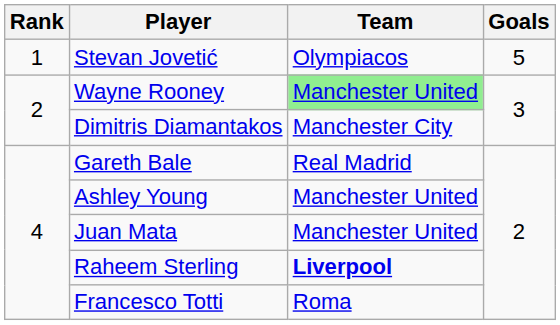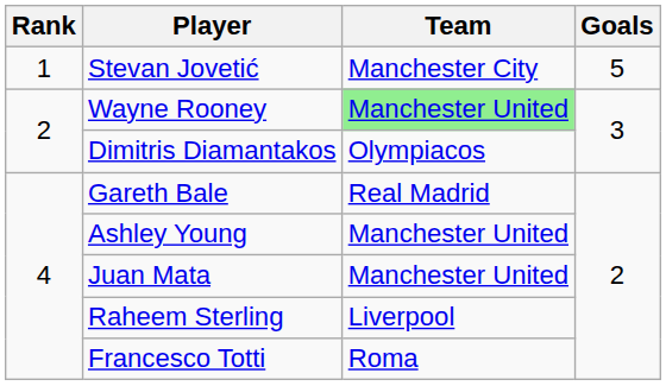 <table class="wikitable" style="text-align: center;">
 <tr>
 <th>Rank</th>
 <th>Player</th>
 <th>Team</th>
 <th>Goals</th>
 </tr>
 <tr>
 <td>1</td>
 <td align="left"> <a href='#'>Stevan Jovetić</a></td>
-<td align="left"> <a href='#'>Olympiacos</a></td>
+<td align="left"> <a href='#'>Manchester City</a></td>
 <td align="center">5</td>
 </tr>
 <tr>
 <td rowspan="2">2</td>
 <td align="left"> <a href='#'>Wayne Rooney</a></td>
 <td align="left" style="background: lightgreen;"> <a href='#'>Manchester United</a></td>
 <td rowspan="2" align="center">3</td>
 </tr>
 <tr>
 <td align="left"> <a href='#'>Dimitris Diamantakos</a></td>
-<td align="left"> <a href='#'>Manchester City</a></td>
+<td align="left"> <a href='#'>Olympiacos</a></td>
 </tr>
 <tr>
 <td rowspan="5">4</td>
 <td align="left"> <a href='#'>Gareth Bale</a></td>
 <td align="left"> <a href='#'>Real Madrid</a></td>
 <td rowspan="5" align="center">2</td>
 </tr>
 <tr>
 <td align="left"> <a href='#'>Ashley Young</a></td>
 <td align="left"> <a href='#'>Manchester United</a></td>
 </tr>
 <tr>
 <td align="left"> <a href='#'>Juan Mata</a></td>
 <td align="left"> <a href='#'>Manchester United</a></td>
 </tr>
 <tr>
 <td align="left"> <a href='#'>Raheem Sterling</a></td>
-<td align="left"><strong> <a href='#'>Liverpool</a></strong></td>
+<td align="left"> <a href='#'>Liverpool</a></td>
 </tr>
 <tr>
 <td align="left"> <a href='#'>Francesco Totti</a></td>
 <td align="left"> <a href='#'>Roma</a></td>
 </tr>
 </table>
